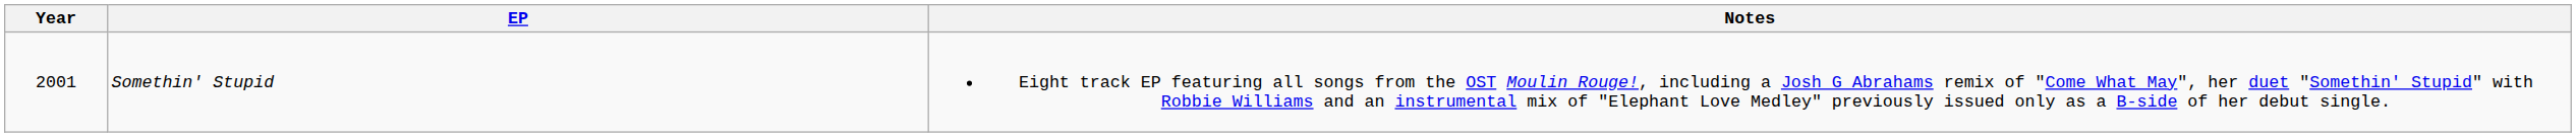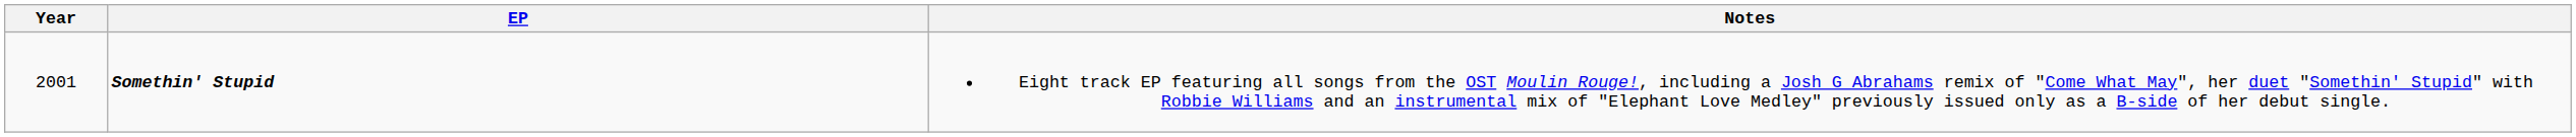 <table class="wikitable" style="text-align:center;">
 <tr>
 <th style=width:4%;>Year</th>
 <th style=width:32%;><a href='#'>EP</a></th>
 <th style=width:64%;>Notes</th>
 </tr>
 <tr>
 <td>2001</td>
-<td align=left><em>Somethin' Stupid</em></td>
+<td align=left><strong><em>Somethin' Stupid</em></strong></td>
 <td><br><ul><li>Eight track EP featuring all songs from the <a href='#'>OST</a> <em><a href='#'>Moulin Rouge!</a></em>, including a <a href='#'>Josh G Abrahams</a> remix of "<a href='#'>Come What May</a>", her <a href='#'>duet</a> "<a href='#'>Somethin' Stupid</a>" with <a href='#'>Robbie Williams</a> and an <a href='#'>instrumental</a> mix of "Elephant Love Medley" previously issued only as a <a href='#'>B-side</a> of her debut single.</li></ul></td>
 </tr>
 </table>
